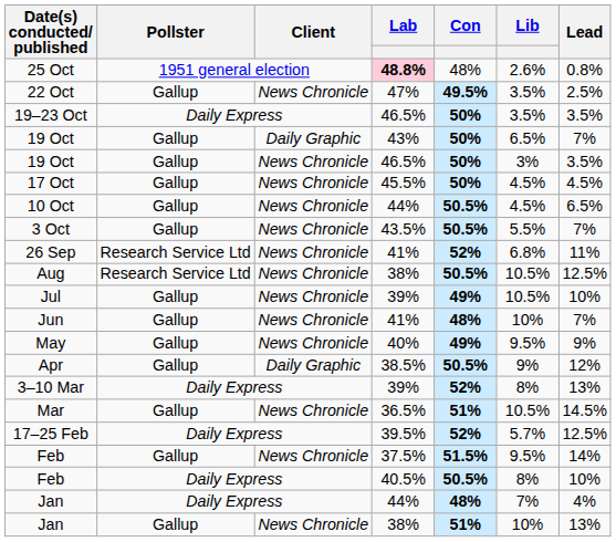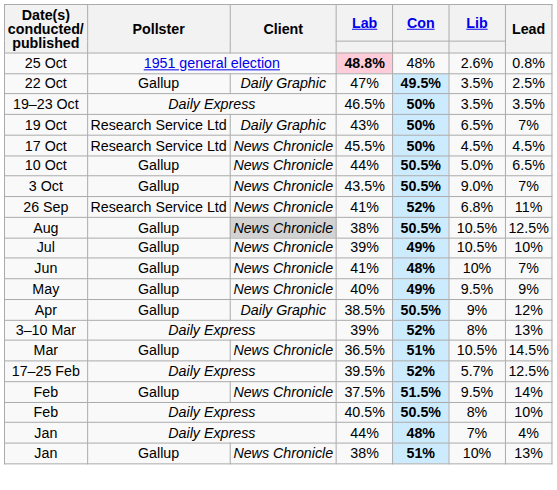 <table class="wikitable sortable mw-datatable" style="text-align:center;font-size:90%;line-height:14px;">
 <tr>
 <th rowspan="2">Date(s)<br>conducted/<br>published</th>
 <th rowspan="2">Pollster</th>
 <th rowspan="2">Client</th>
 <th class="unsortable" style="width:50px;"><a href='#'>Lab</a></th>
 <th class="unsortable" style="width:50px;"><a href='#'>Con</a></th>
 <th class="unsortable" style="width:50px;"><a href='#'>Lib</a></th>
 <th rowspan="2">Lead</th>
 </tr>
 <tr>
 <th style="background:"></th>
 <th style="background:"></th>
 <th style="background:"></th>
 </tr>
 <tr>
 <td>25 Oct</td>
 <td colspan="2"><a href='#'>1951 general election</a></td>
 <td style="background:#FFCCDA;"><strong>48.8%</strong></td>
 <td>48%</td>
 <td>2.6%</td>
 <td style="background:">0.8%</td>
 </tr>
 <tr>
 <td>22 Oct</td>
 <td>Gallup</td>
-<td><em>News Chronicle</em></td>
+<td><em>Daily Graphic</em></td>
 <td>47%</td>
 <td style="background:#CCEBFF;"><strong>49.5%</strong></td>
 <td>3.5%</td>
 <td style="background:">2.5%</td>
 </tr>
 <tr>
 <td>19–23 Oct</td>
 <td colspan="2"><em>Daily Express</em></td>
 <td>46.5%</td>
 <td style="background:#CCEBFF;"><strong>50%</strong></td>
 <td>3.5%</td>
 <td style="background:">3.5%</td>
 </tr>
 <tr>
 <td>19 Oct</td>
-<td>Gallup</td>
+<td>Research Service Ltd</td>
 <td><em>Daily Graphic</em></td>
 <td>43%</td>
 <td style="background:#CCEBFF;"><strong>50%</strong></td>
 <td>6.5%</td>
 <td style="background:">7%</td>
 </tr>
 <tr>
-<td>19 Oct</td>
-<td>Gallup</td>
-<td><em>News Chronicle</em></td>
-<td>46.5%</td>
-<td style="background:#CCEBFF;"><strong>50%</strong></td>
-<td>3%</td>
-<td style="background:">3.5%</td>
-</tr>
-<tr>
 <td>17 Oct</td>
-<td>Gallup</td>
+<td>Research Service Ltd</td>
 <td><em>News Chronicle</em></td>
 <td>45.5%</td>
 <td style="background:#CCEBFF;"><strong>50%</strong></td>
 <td>4.5%</td>
 <td style="background:">4.5%</td>
 </tr>
 <tr>
 <td>10 Oct</td>
 <td>Gallup</td>
 <td><em>News Chronicle</em></td>
 <td>44%</td>
 <td style="background:#CCEBFF;"><strong>50.5%</strong></td>
-<td>4.5%</td>
+<td>5.0%</td>
 <td style="background:">6.5%</td>
 </tr>
 <tr>
 <td>3 Oct</td>
 <td>Gallup</td>
 <td><em>News Chronicle</em></td>
 <td>43.5%</td>
 <td style="background:#CCEBFF;"><strong>50.5%</strong></td>
-<td>5.5%</td>
+<td>9.0%</td>
 <td style="background:">7%</td>
 </tr>
 <tr>
 <td>26 Sep</td>
 <td>Research Service Ltd</td>
 <td><em>News Chronicle</em></td>
 <td>41%</td>
 <td style="background:#CCEBFF;"><strong>52%</strong></td>
 <td>6.8%</td>
 <td style="background:">11%</td>
 </tr>
 <tr>
 <td>Aug</td>
-<td>Research Service Ltd</td>
-<td><em>News Chronicle</em></td>
+<td>Gallup</td>
+<td style="background: lightgrey;"><em>News Chronicle</em></td>
 <td>38%</td>
 <td style="background:#CCEBFF;"><strong>50.5%</strong></td>
 <td>10.5%</td>
 <td style="background:">12.5%</td>
 </tr>
 <tr>
 <td>Jul</td>
 <td>Gallup</td>
 <td><em>News Chronicle</em></td>
 <td>39%</td>
 <td style="background:#CCEBFF;"><strong>49%</strong></td>
 <td>10.5%</td>
 <td style="background:">10%</td>
 </tr>
 <tr>
 <td>Jun</td>
 <td>Gallup</td>
 <td><em>News Chronicle</em></td>
 <td>41%</td>
 <td style="background:#CCEBFF;"><strong>48%</strong></td>
 <td>10%</td>
 <td style="background:">7%</td>
 </tr>
 <tr>
 <td>May</td>
 <td>Gallup</td>
 <td><em>News Chronicle</em></td>
 <td>40%</td>
 <td style="background:#CCEBFF;"><strong>49%</strong></td>
 <td>9.5%</td>
 <td style="background:">9%</td>
 </tr>
 <tr>
 <td>Apr</td>
 <td>Gallup</td>
 <td><em>Daily Graphic</em></td>
 <td>38.5%</td>
 <td style="background:#CCEBFF;"><strong>50.5%</strong></td>
 <td>9%</td>
 <td style="background:">12%</td>
 </tr>
 <tr>
 <td>3–10 Mar</td>
 <td colspan="2"><em>Daily Express</em></td>
 <td>39%</td>
 <td style="background:#CCEBFF;"><strong>52%</strong></td>
 <td>8%</td>
 <td style="background:">13%</td>
 </tr>
 <tr>
 <td>Mar</td>
 <td>Gallup</td>
 <td><em>News Chronicle</em></td>
 <td>36.5%</td>
 <td style="background:#CCEBFF;"><strong>51%</strong></td>
 <td>10.5%</td>
 <td style="background:">14.5%</td>
 </tr>
 <tr>
 <td>17–25 Feb</td>
 <td colspan="2"><em>Daily Express</em></td>
 <td>39.5%</td>
 <td style="background:#CCEBFF;"><strong>52%</strong></td>
 <td>5.7%</td>
 <td style="background:">12.5%</td>
 </tr>
 <tr>
 <td>Feb</td>
 <td>Gallup</td>
 <td><em>News Chronicle</em></td>
 <td>37.5%</td>
 <td style="background:#CCEBFF;"><strong>51.5%</strong></td>
 <td>9.5%</td>
 <td style="background:">14%</td>
 </tr>
 <tr>
 <td>Feb</td>
 <td colspan="2"><em>Daily Express</em></td>
 <td>40.5%</td>
 <td style="background:#CCEBFF;"><strong>50.5%</strong></td>
 <td>8%</td>
 <td style="background:">10%</td>
 </tr>
 <tr>
 <td>Jan</td>
 <td colspan="2"><em>Daily Express</em></td>
 <td>44%</td>
 <td style="background:#CCEBFF;"><strong>48%</strong></td>
 <td>7%</td>
 <td style="background:">4%</td>
 </tr>
 <tr>
 <td>Jan</td>
 <td>Gallup</td>
 <td><em>News Chronicle</em></td>
 <td>38%</td>
 <td style="background:#CCEBFF;"><strong>51%</strong></td>
 <td>10%</td>
 <td style="background:">13%</td>
 </tr>
 </table>
